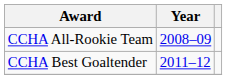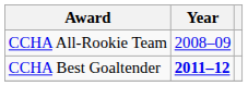 <table class="wikitable">
 <tr>
 <th>Award</th>
 <th>Year</th>
 <th></th>
 </tr>
 <tr>
 <td><a href='#'>CCHA</a> All-Rookie Team</td>
 <td><a href='#'>2008–09</a></td>
 <td></td>
 </tr>
 <tr>
 <td><a href='#'>CCHA</a> Best Goaltender</td>
-<td><a href='#'>2011–12</a></td>
+<td><strong><a href='#'>2011–12</a></strong></td>
 <td></td>
 </tr>
 <tr>
 </tr>
 </table>
